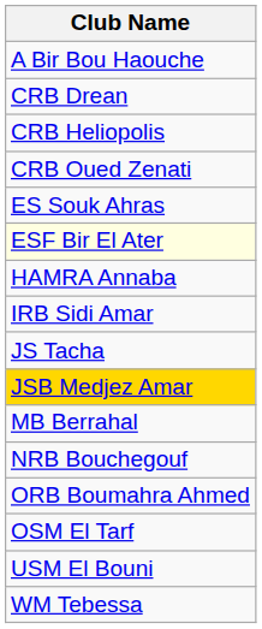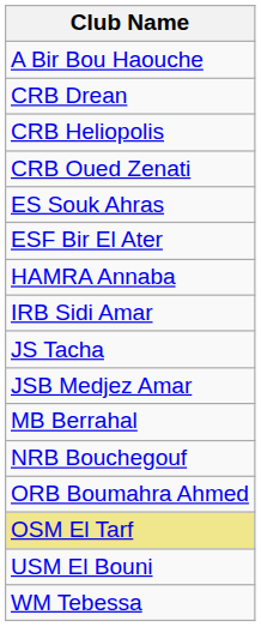 <table class="wikitable">
 <tr>
 <th>Club Name</th>
 </tr>
 <tr>
 <td><a href='#'>A Bir Bou Haouche</a></td>
 </tr>
 <tr>
 <td><a href='#'>CRB Drean</a></td>
 </tr>
 <tr>
 <td><a href='#'>CRB Heliopolis</a></td>
 </tr>
 <tr>
 <td><a href='#'>CRB Oued Zenati</a></td>
 </tr>
 <tr>
 <td><a href='#'>ES Souk Ahras</a></td>
 </tr>
 <tr>
-<td style="background: lightyellow;"><a href='#'>ESF Bir El Ater</a></td>
+<td><a href='#'>ESF Bir El Ater</a></td>
 </tr>
 <tr>
 <td><a href='#'>HAMRA Annaba</a></td>
 </tr>
 <tr>
 <td><a href='#'>IRB Sidi Amar</a></td>
 </tr>
 <tr>
 <td><a href='#'>JS Tacha</a></td>
 </tr>
 <tr>
-<td style="background: gold;"><a href='#'>JSB Medjez Amar</a></td>
+<td><a href='#'>JSB Medjez Amar</a></td>
 </tr>
 <tr>
 <td><a href='#'>MB Berrahal</a></td>
 </tr>
 <tr>
 <td><a href='#'>NRB Bouchegouf</a></td>
 </tr>
 <tr>
 <td><a href='#'>ORB Boumahra Ahmed</a></td>
 </tr>
 <tr>
-<td><a href='#'>OSM El Tarf</a></td>
+<td style="background: khaki;"><a href='#'>OSM El Tarf</a></td>
 </tr>
 <tr>
 <td><a href='#'>USM El Bouni</a></td>
 </tr>
 <tr>
 <td><a href='#'>WM Tebessa</a></td>
 </tr>
 </table>
